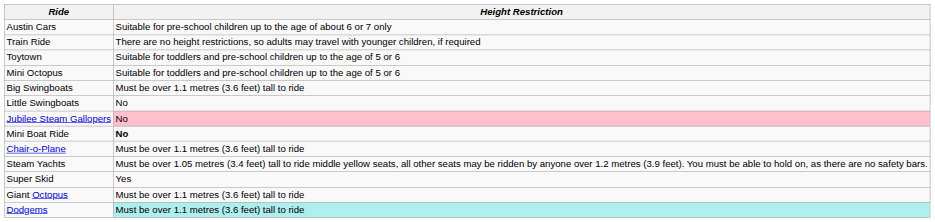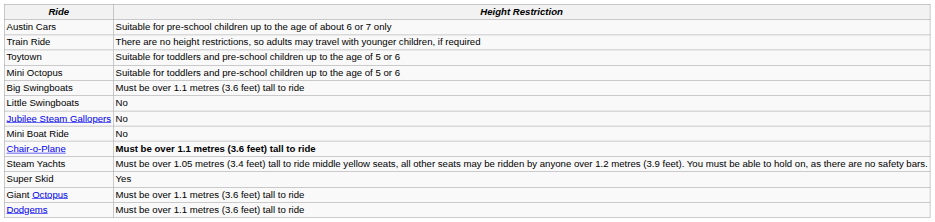 <table class="wikitable">
 <tr>
 <th><em>Ride</em></th>
 <th><em>Height Restriction</em></th>
 </tr>
 <tr>
 <td>Austin Cars</td>
 <td>Suitable for pre-school children up to the age of about 6 or 7 only</td>
 </tr>
 <tr>
 <td>Train Ride</td>
 <td>There are no height restrictions, so adults may travel with younger children, if required</td>
 </tr>
 <tr>
 <td>Toytown</td>
 <td>Suitable for toddlers and pre-school children up to the age of 5 or 6</td>
 </tr>
 <tr>
 <td>Mini Octopus</td>
 <td>Suitable for toddlers and pre-school children up to the age of 5 or 6</td>
 </tr>
 <tr>
 <td>Big Swingboats</td>
 <td>Must be over 1.1 metres (3.6 feet) tall to ride</td>
 </tr>
 <tr>
 <td>Little Swingboats</td>
 <td>No</td>
 </tr>
 <tr>
 <td><a href='#'>Jubilee Steam Gallopers</a></td>
-<td style="background: pink;">No</td>
+<td>No</td>
 </tr>
 <tr>
 <td>Mini Boat Ride</td>
-<td><strong>No</strong></td>
+<td>No</td>
 </tr>
 <tr>
 <td><a href='#'>Chair-o-Plane</a></td>
-<td>Must be over 1.1 metres (3.6 feet) tall to ride</td>
+<td><strong>Must be over 1.1 metres (3.6 feet) tall to ride</strong></td>
 </tr>
 <tr>
 <td>Steam Yachts</td>
 <td>Must be over 1.05 metres (3.4 feet) tall to ride middle yellow seats, all other seats may be ridden by anyone over 1.2 metres (3.9 feet). You must be able to hold on, as there are no safety bars.</td>
 </tr>
 <tr>
 <td>Super Skid</td>
 <td>Yes</td>
 </tr>
 <tr>
 <td>Giant <a href='#'>Octopus</a></td>
 <td>Must be over 1.1 metres (3.6 feet) tall to ride</td>
 </tr>
 <tr>
 <td><a href='#'>Dodgems</a></td>
-<td style="background: paleturquoise;">Must be over 1.1 metres (3.6 feet) tall to ride</td>
+<td>Must be over 1.1 metres (3.6 feet) tall to ride</td>
 </tr>
 </table>
